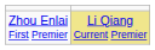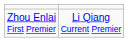 <table class="wikitable" style="text-align:left; float:right; margin-right:9px; margin-left:2px;">
 <tr>
 <td style="text-align:left;"></td>
 <td style="text-align:left;"></td>
 </tr>
 <tr>
 <td style="text-align:center;"><a href='#'>Zhou Enlai</a><br><small><a href='#'>First</a> <a href='#'>Premier</a></small></td>
-<td style="background: khaki; text-align:center;"><a href='#'>Li Qiang</a><br><small><a href='#'>Current</a> <a href='#'>Premier</a></small></td>
+<td style="text-align:center;"><a href='#'>Li Qiang</a><br><small><a href='#'>Current</a> <a href='#'>Premier</a></small></td>
 </tr>
 </table>
